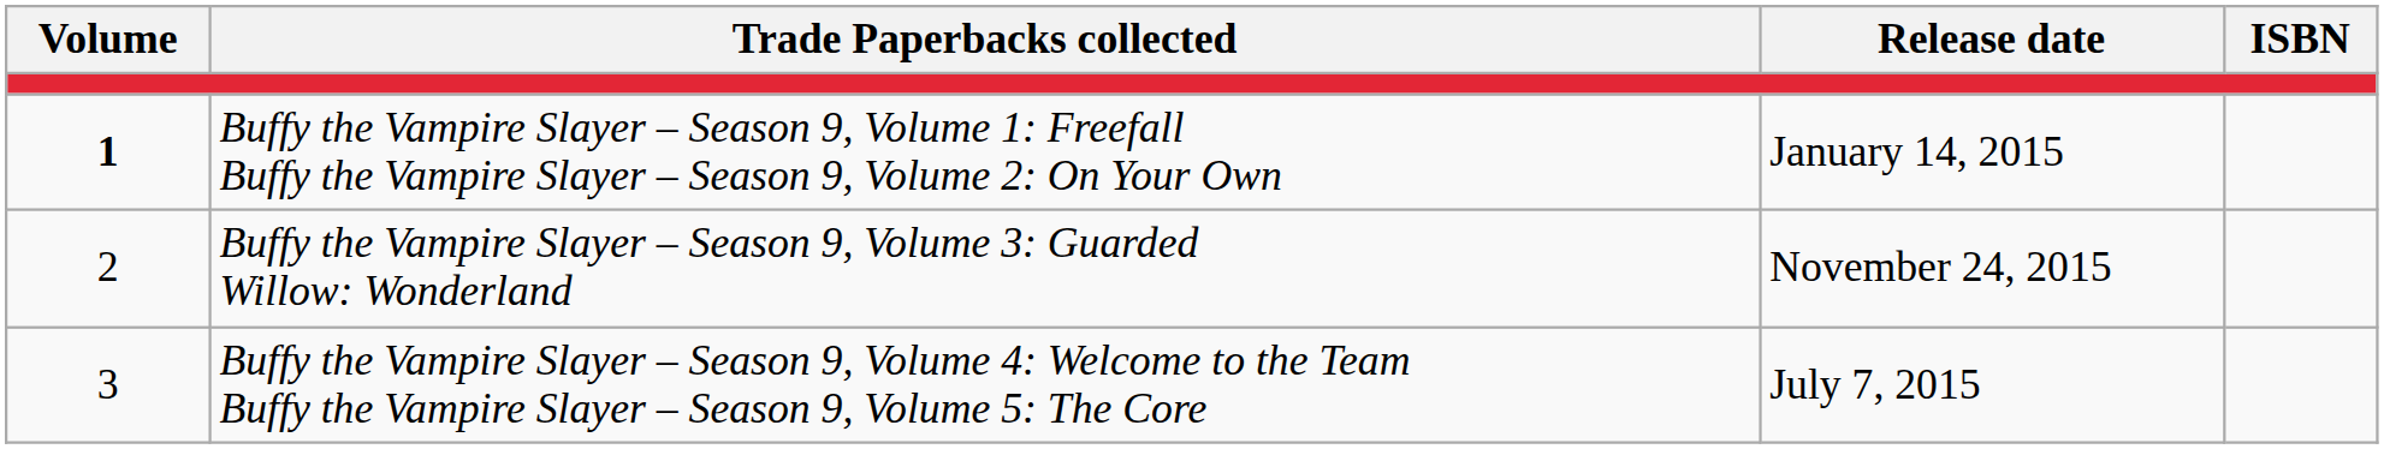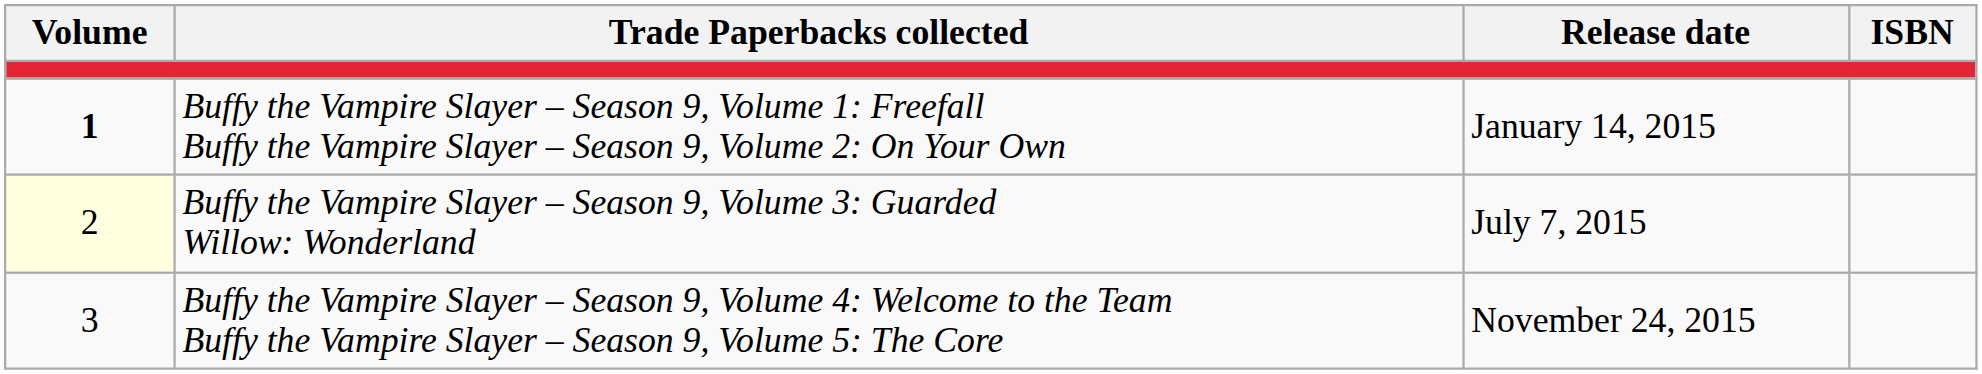 <table class="wikitable" style="width:70%">
 <tr>
 <th>Volume</th>
 <th>Trade Paperbacks collected</th>
 <th>Release date</th>
 <th>ISBN</th>
 </tr>
 <tr>
 <td colspan="6" style="background:#e32636;"></td>
 </tr>
 <tr>
 <td align=center><strong>1</strong></td>
 <td><em>Buffy the Vampire Slayer – Season 9, Volume 1: Freefall</em><br><em>Buffy the Vampire Slayer – Season 9, Volume 2: On Your Own</em></td>
 <td>January 14, 2015</td>
 <td></td>
 </tr>
 <tr>
-<td align=center>2</td>
+<td align=center style="background: lightyellow;">2</td>
 <td><em>Buffy the Vampire Slayer – Season 9, Volume 3: Guarded</em><br><em>Willow: Wonderland</em></td>
-<td>November 24, 2015</td>
+<td>July 7, 2015</td>
 <td></td>
 </tr>
 <tr>
 <td align=center>3</td>
 <td><em>Buffy the Vampire Slayer – Season 9, Volume 4: Welcome to the Team</em><br><em>Buffy the Vampire Slayer – Season 9, Volume 5: The Core</em></td>
-<td>July 7, 2015</td>
+<td>November 24, 2015</td>
 <td></td>
 </tr>
 </table>
